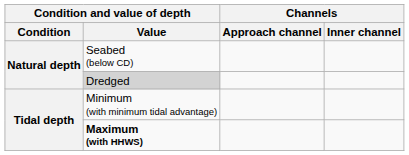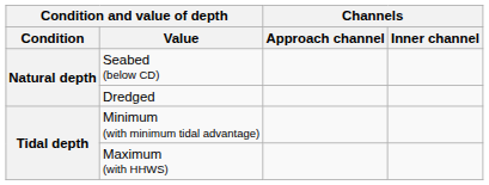 <table class="wikitable" style="font-size: 90%" align=right>
 <tr>
 <th colspan="2">Condition and value of depth</th>
 <th colspan="2">Channels</th>
 </tr>
 <tr>
 <th>Condition</th>
 <th>Value</th>
 <th>Approach channel</th>
 <th>Inner channel</th>
 </tr>
 <tr>
 <th rowspan="2">Natural depth</th>
 <td>Seabed<br><small>(below CD)</small></td>
 <td></td>
 <td></td>
 </tr>
 <tr>
-<td style="background: lightgrey;">Dredged</td>
+<td>Dredged</td>
 <td></td>
 <td></td>
 </tr>
 <tr>
 <th rowspan="2">Tidal depth</th>
 <td>Minimum<br><small>(with minimum tidal advantage)</small></td>
 <td></td>
 <td></td>
 </tr>
 <tr>
-<td><strong>Maximum<br><small>(with HHWS)</small></strong></td>
+<td>Maximum<br><small>(with HHWS)</small></td>
 <td></td>
 <td></td>
 </tr>
 </table>
